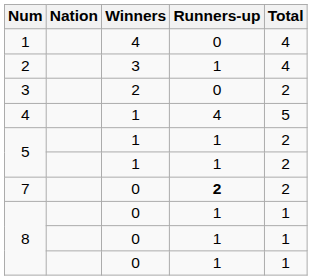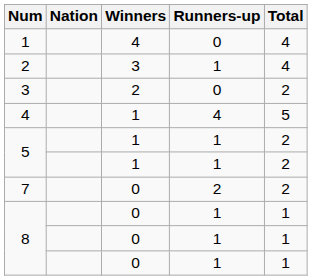 <table class="wikitable sortable">
 <tr>
 <th>Num</th>
 <th>Nation</th>
 <th>Winners</th>
 <th>Runners-up</th>
 <th>Total</th>
 </tr>
 <tr>
 <td align=center>1</td>
 <td></td>
 <td align=center>4</td>
 <td align=center>0</td>
 <td align=center>4</td>
 </tr>
 <tr>
 <td align=center>2</td>
 <td></td>
 <td align=center>3</td>
 <td align=center>1</td>
 <td align=center>4</td>
 </tr>
 <tr>
 <td align=center>3</td>
 <td></td>
 <td align=center>2</td>
 <td align=center>0</td>
 <td align=center>2</td>
 </tr>
 <tr>
 <td align=center>4</td>
 <td></td>
 <td align=center>1</td>
 <td align=center>4</td>
 <td align=center>5</td>
 </tr>
 <tr>
 <td align=center rowspan=2>5</td>
 <td></td>
 <td align=center>1</td>
 <td align=center>1</td>
 <td align=center>2</td>
 </tr>
 <tr>
 <td></td>
 <td align=center>1</td>
 <td align=center>1</td>
 <td align=center>2</td>
 </tr>
 <tr>
 <td align=center>7</td>
 <td></td>
 <td align=center>0</td>
-<td align=center><strong>2</strong></td>
+<td align=center>2</td>
 <td align=center>2</td>
 </tr>
 <tr>
 <td align=center rowspan=3>8</td>
 <td></td>
 <td align=center>0</td>
 <td align=center>1</td>
 <td align=center>1</td>
 </tr>
 <tr>
 <td></td>
 <td align=center>0</td>
 <td align=center>1</td>
 <td align=center>1</td>
 </tr>
 <tr>
 <td></td>
 <td align=center>0</td>
 <td align=center>1</td>
 <td align=center>1</td>
 </tr>
 </table>
